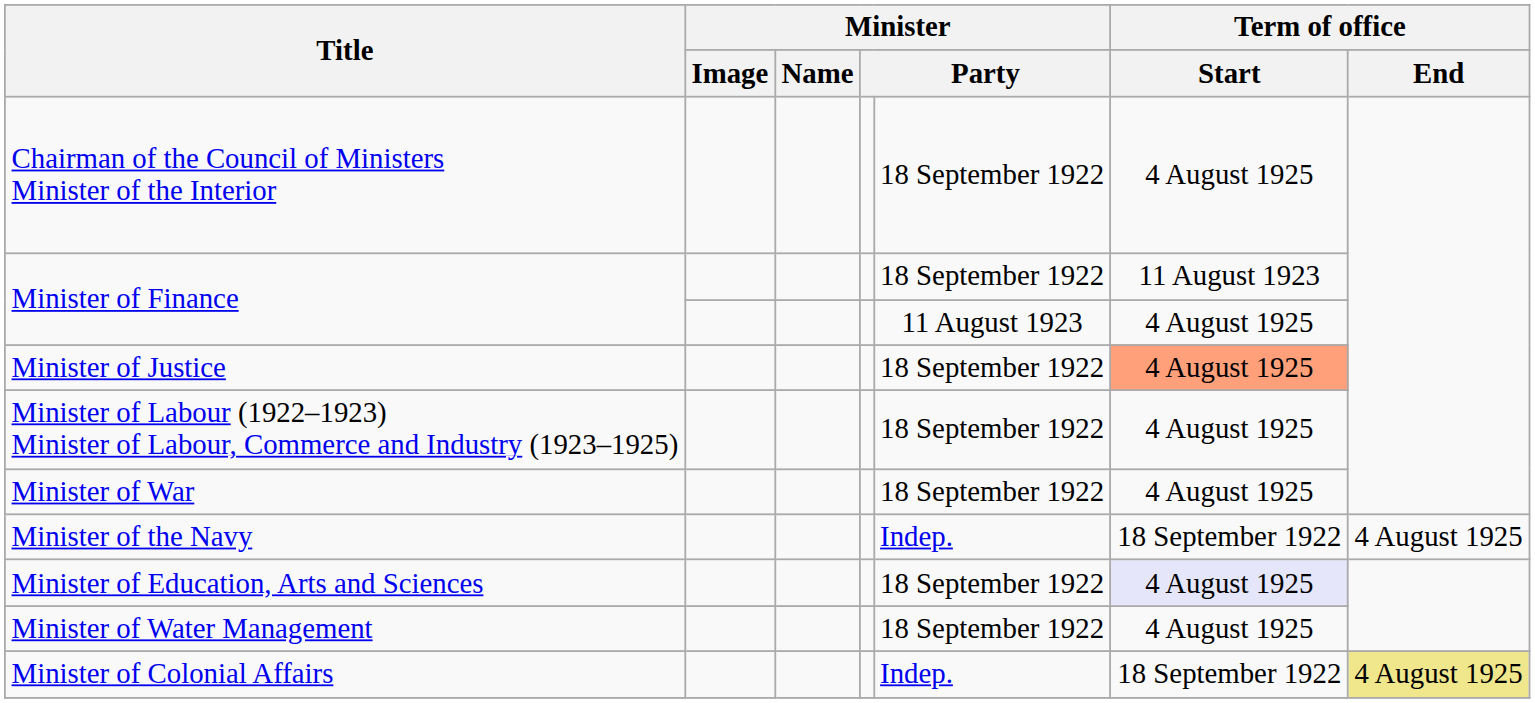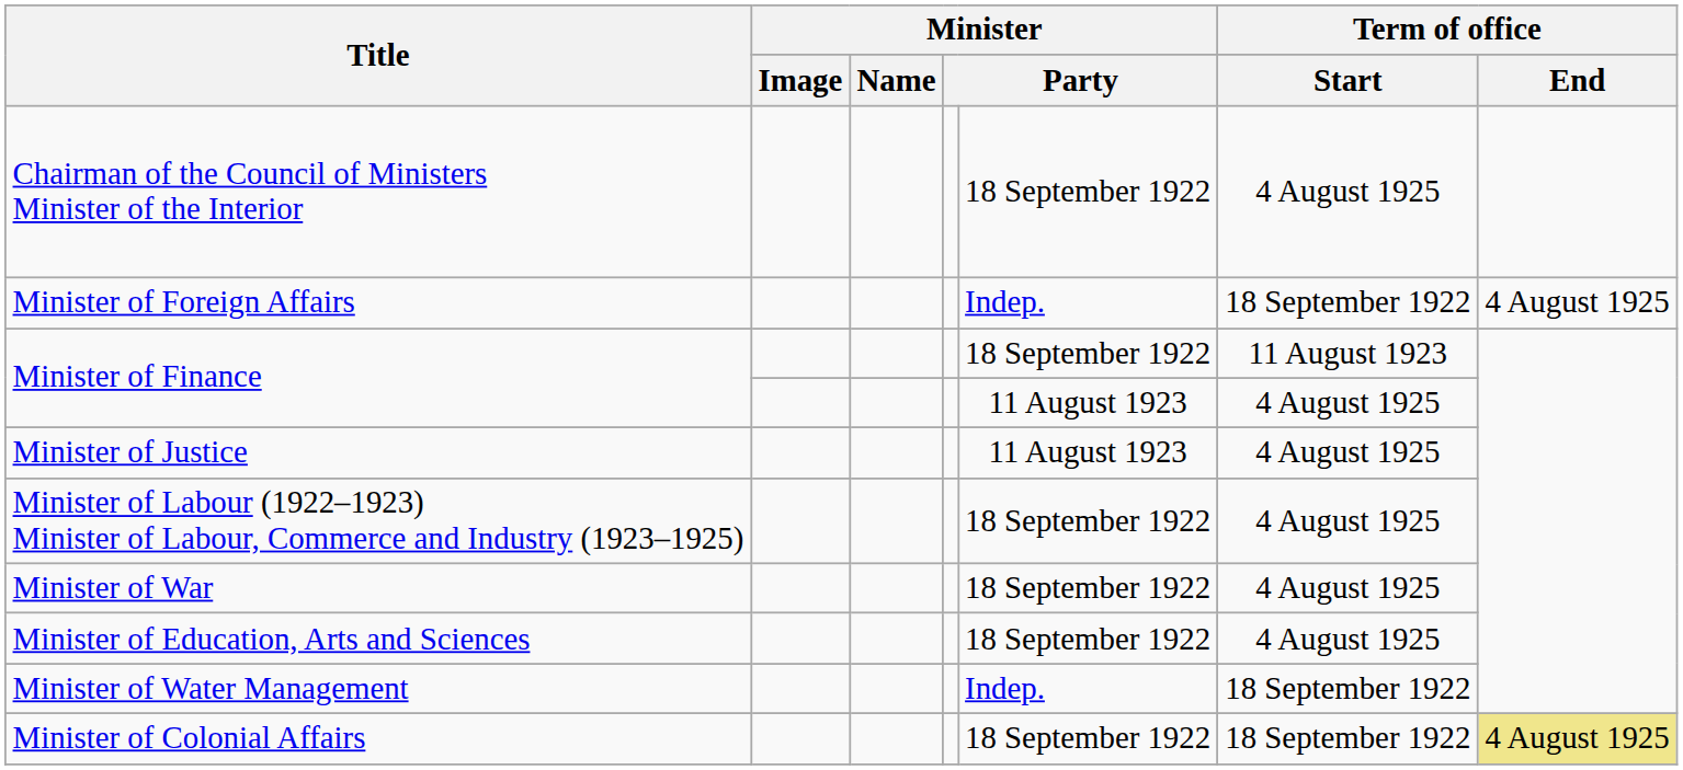 <table class="wikitable sortable" style="text-align:left">
 <tr>
 <th rowspan="2">Title</th>
 <th colspan="4">Minister</th>
 <th colspan="2">Term of office</th>
 </tr>
 <tr>
 <th class="unsortable">Image</th>
 <th>Name</th>
 <th colspan="2">Party</th>
 <th data-sort-type="date">Start</th>
 <th data-sort-type=date>End</th>
 </tr>
 <tr>
 <td><a href='#'>Chairman of the Council of Ministers</a> <br> <a href='#'>Minister of the Interior</a></td>
 <td height="80px"></td>
 <td></td>
 <td></td>
+<td style="text-align:center">18 September 1922</td>
+<td style="text-align:center">4 August 1925</td>
+</tr>
+<tr>
+<td><a href='#'>Minister of Foreign Affairs</a></td>
+<td height=“80px”></td>
+<td></td>
+<td style="background:"></td>
+<td><a href='#'>Indep.</a></td>
 <td style="text-align:center">18 September 1922</td>
 <td style="text-align:center">4 August 1925</td>
 </tr>
 <tr>
 <td rowspan=2><a href='#'>Minister of Finance</a></td>
 <td height=“80px”></td>
 <td></td>
 <td></td>
 <td style="text-align:center">18 September 1922</td>
 <td style="text-align:center">11 August 1923</td>
 </tr>
 <tr>
 <td height=“80px”></td>
 <td></td>
 <td></td>
 <td style="text-align:center">11 August 1923</td>
 <td style="text-align:center">4 August 1925</td>
 </tr>
 <tr>
 <td><a href='#'>Minister of Justice</a></td>
 <td height=“80px”></td>
 <td></td>
 <td></td>
-<td style="text-align:center">18 September 1922</td>
-<td style="background: lightsalmon; text-align:center">4 August 1925</td>
+<td style="text-align:center">11 August 1923</td>
+<td style="text-align:center">4 August 1925</td>
 </tr>
 <tr>
 <td><a href='#'>Minister of Labour</a> (1922–1923) <br> <a href='#'>Minister of Labour, Commerce and Industry</a>  (1923–1925)</td>
 <td height=“80px”></td>
 <td></td>
 <td></td>
 <td style="text-align:center">18 September 1922</td>
 <td style="text-align:center">4 August 1925</td>
 </tr>
 <tr>
 <td><a href='#'>Minister of War</a></td>
 <td height=“80px”></td>
 <td></td>
 <td></td>
 <td style="text-align:center">18 September 1922</td>
 <td style="text-align:center">4 August 1925</td>
 </tr>
 <tr>
-<td><a href='#'>Minister of the Navy</a></td>
-<td height=“80px”></td>
-<td></td>
-<td style="background:"></td>
-<td><a href='#'>Indep.</a></td>
-<td style="text-align:center">18 September 1922</td>
-<td style="text-align:center">4 August 1925</td>
-</tr>
-<tr>
 <td><a href='#'>Minister of Education, Arts and Sciences</a></td>
-<td height=“80px”></td>
-<td></td>
-<td></td>
-<td style="text-align:center">18 September 1922</td>
-<td style="background: lavender; text-align:center">4 August 1925</td>
-</tr>
-<tr>
-<td><a href='#'>Minister of Water Management</a></td>
 <td height=“80px”></td>
 <td></td>
 <td></td>
 <td style="text-align:center">18 September 1922</td>
 <td style="text-align:center">4 August 1925</td>
 </tr>
 <tr>
+<td><a href='#'>Minister of Water Management</a></td>
+<td height=“80px”></td>
+<td></td>
+<td></td>
+<td><a href='#'>Indep.</a></td>
+<td style="text-align:center">18 September 1922</td>
+</tr>
+<tr>
 <td><a href='#'>Minister of Colonial Affairs</a></td>
 <td height=“80px”></td>
 <td></td>
 <td style="background:"></td>
-<td><a href='#'>Indep.</a></td>
+<td style="text-align:center">18 September 1922</td>
 <td style="text-align:center">18 September 1922</td>
 <td style="background: khaki; text-align:center">4 August 1925</td>
 </tr>
 </table>
